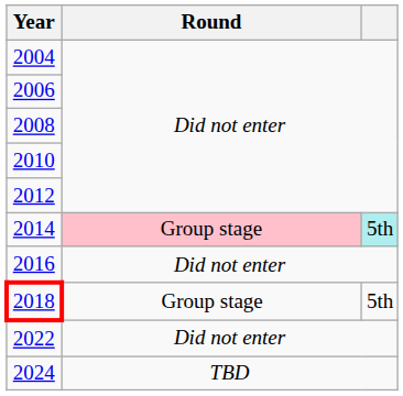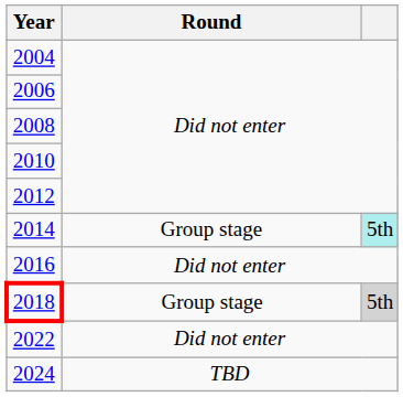 <table class="wikitable" style="text-align: center; font-size:90%">
 <tr>
 <th>Year</th>
 <th style="width:200px">Round</th>
 <th></th>
 </tr>
 <tr>
 <td><a href='#'>2004</a></td>
 <td colspan="2" rowspan="5"><em>Did not enter</em></td>
 </tr>
 <tr>
 <td><a href='#'>2006</a></td>
 </tr>
 <tr>
 <td><a href='#'>2008</a></td>
 </tr>
 <tr>
 <td><a href='#'>2010</a></td>
 </tr>
 <tr>
 <td><a href='#'>2012</a></td>
 </tr>
 <tr>
 <td><a href='#'>2014</a></td>
-<td style="background: pink;">Group stage</td>
+<td>Group stage</td>
 <td style="background: paleturquoise;">5th</td>
 </tr>
 <tr>
 <td><a href='#'>2016</a></td>
 <td colspan="2"><em>Did not enter</em></td>
 </tr>
 <tr>
 <td style="border: 3px solid red"><a href='#'>2018</a></td>
 <td>Group stage</td>
-<td>5th</td>
+<td style="background: lightgrey;">5th</td>
 </tr>
 <tr>
 <td><a href='#'>2022</a></td>
 <td colspan="2"><em>Did not enter</em></td>
 </tr>
 <tr>
 <td><a href='#'>2024</a></td>
 <td colspan="2"><em>TBD</em></td>
 </tr>
 </table>
